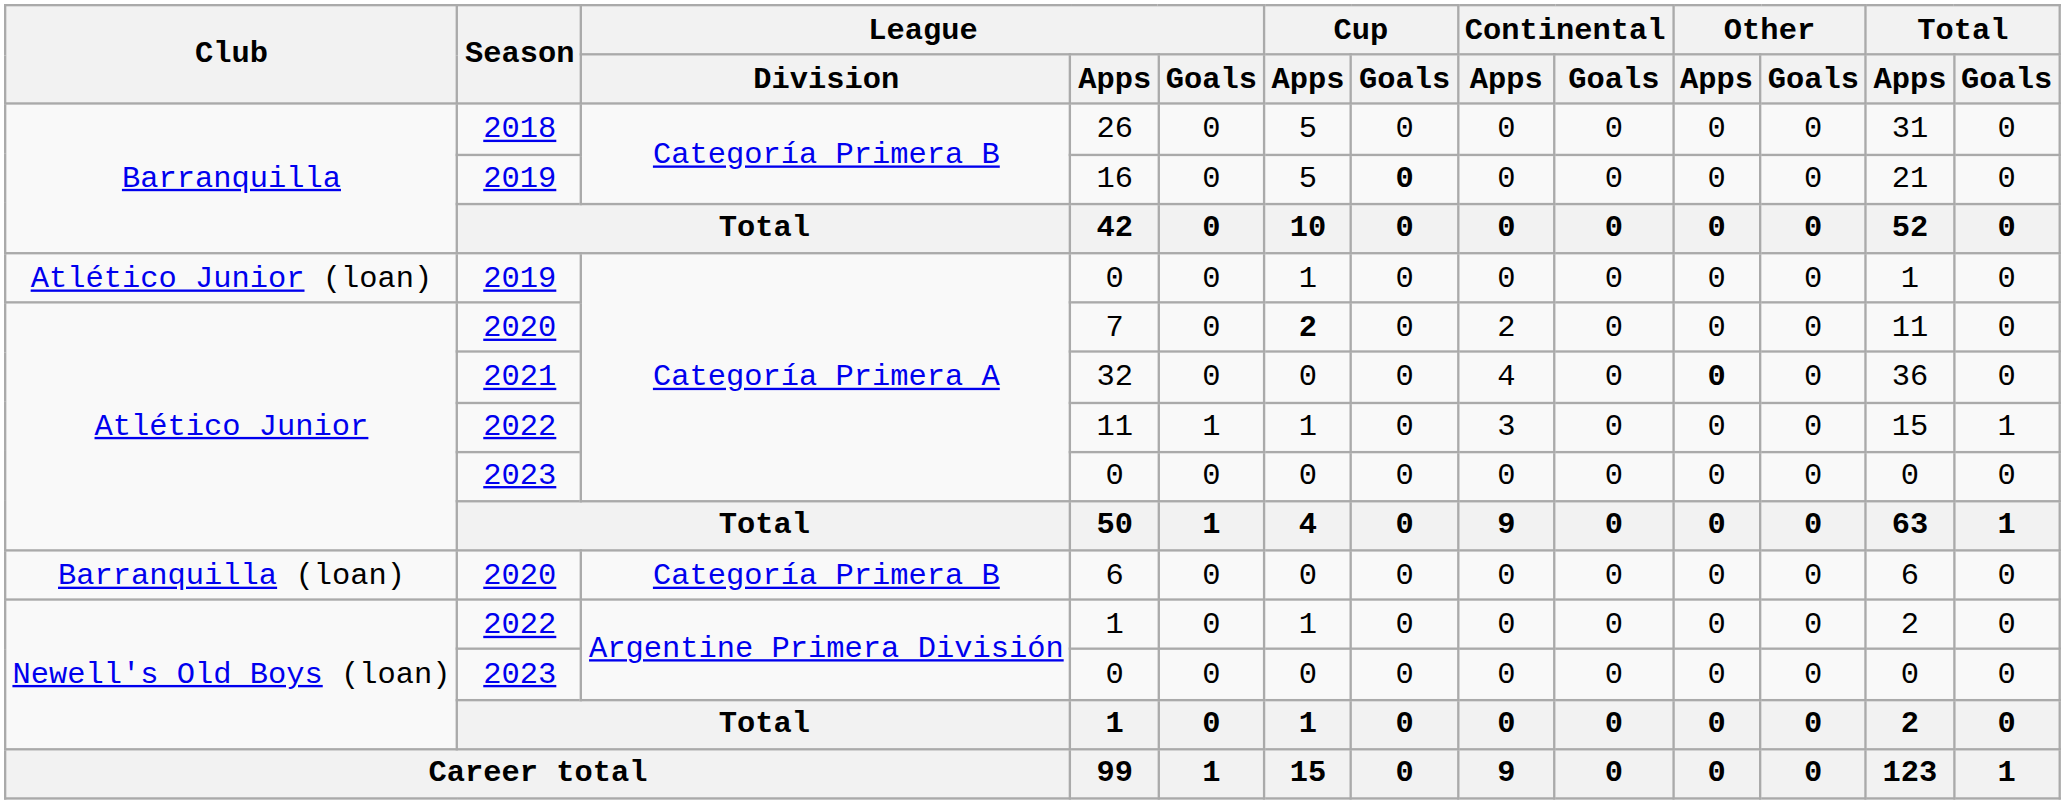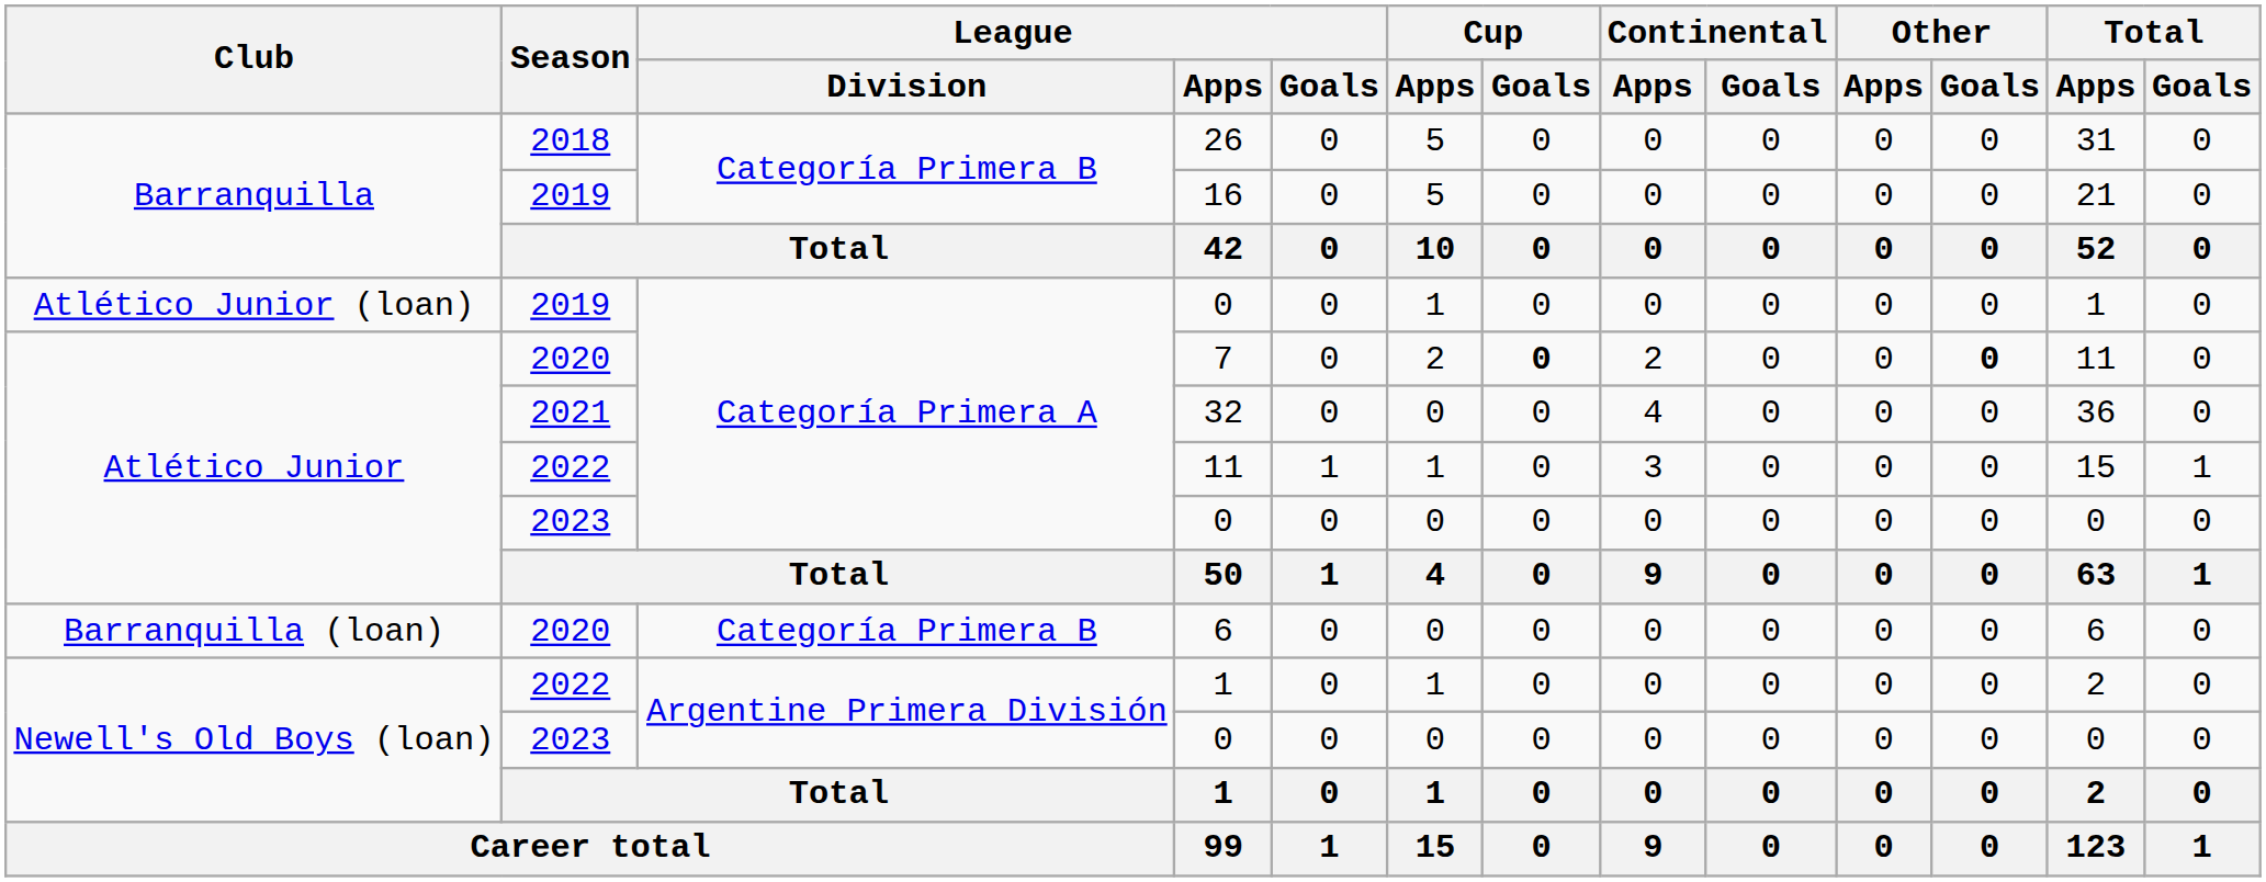 <table class=wikitable style=text-align:center>
 <tr>
 <th rowspan="2">Club</th>
 <th rowspan="2">Season</th>
 <th colspan="3">League</th>
 <th colspan="2">Cup</th>
 <th colspan="2">Continental</th>
 <th colspan="2">Other</th>
 <th colspan="2">Total</th>
 </tr>
 <tr>
 <th>Division</th>
 <th>Apps</th>
 <th>Goals</th>
 <th>Apps</th>
 <th>Goals</th>
 <th>Apps</th>
 <th>Goals</th>
 <th>Apps</th>
 <th>Goals</th>
 <th>Apps</th>
 <th>Goals</th>
 </tr>
 <tr>
 <td rowspan="3"><a href='#'>Barranquilla</a></td>
 <td><a href='#'>2018</a></td>
 <td rowspan="2"><a href='#'>Categoría Primera B</a></td>
 <td>26</td>
 <td>0</td>
 <td>5</td>
 <td>0</td>
 <td>0</td>
 <td>0</td>
 <td>0</td>
 <td>0</td>
 <td>31</td>
 <td>0</td>
 </tr>
 <tr>
 <td><a href='#'>2019</a></td>
 <td>16</td>
 <td>0</td>
 <td>5</td>
-<td><strong>0</strong></td>
+<td>0</td>
 <td>0</td>
 <td>0</td>
 <td>0</td>
 <td>0</td>
 <td>21</td>
 <td>0</td>
 </tr>
 <tr>
 <th colspan="2"><strong>Total</strong></th>
 <th>42</th>
 <th>0</th>
 <th>10</th>
 <th>0</th>
 <th>0</th>
 <th>0</th>
 <th>0</th>
 <th>0</th>
 <th>52</th>
 <th>0</th>
 </tr>
 <tr>
 <td><a href='#'>Atlético Junior</a> (loan)</td>
 <td><a href='#'>2019</a></td>
 <td rowspan="5"><a href='#'>Categoría Primera A</a></td>
 <td>0</td>
 <td>0</td>
 <td>1</td>
 <td>0</td>
 <td>0</td>
 <td>0</td>
 <td>0</td>
 <td>0</td>
 <td>1</td>
 <td>0</td>
 </tr>
 <tr>
 <td rowspan="5"><a href='#'>Atlético Junior</a></td>
 <td><a href='#'>2020</a></td>
 <td>7</td>
 <td>0</td>
-<td><strong>2</strong></td>
-<td>0</td>
+<td>2</td>
+<td><strong>0</strong></td>
 <td>2</td>
 <td>0</td>
 <td>0</td>
-<td>0</td>
+<td><strong>0</strong></td>
 <td>11</td>
 <td>0</td>
 </tr>
 <tr>
 <td><a href='#'>2021</a></td>
 <td>32</td>
 <td>0</td>
 <td>0</td>
 <td>0</td>
 <td>4</td>
 <td>0</td>
-<td><strong>0</strong></td>
+<td>0</td>
 <td>0</td>
 <td>36</td>
 <td>0</td>
 </tr>
 <tr>
 <td><a href='#'>2022</a></td>
 <td>11</td>
 <td>1</td>
 <td>1</td>
 <td>0</td>
 <td>3</td>
 <td>0</td>
 <td>0</td>
 <td>0</td>
 <td>15</td>
 <td>1</td>
 </tr>
 <tr>
 <td><a href='#'>2023</a></td>
 <td>0</td>
 <td>0</td>
 <td>0</td>
 <td>0</td>
 <td>0</td>
 <td>0</td>
 <td>0</td>
 <td>0</td>
 <td>0</td>
 <td>0</td>
 </tr>
 <tr>
 <th colspan="2"><strong>Total</strong></th>
 <th>50</th>
 <th>1</th>
 <th>4</th>
 <th>0</th>
 <th>9</th>
 <th>0</th>
 <th>0</th>
 <th>0</th>
 <th>63</th>
 <th>1</th>
 </tr>
 <tr>
 <td><a href='#'>Barranquilla</a> (loan)</td>
 <td><a href='#'>2020</a></td>
 <td><a href='#'>Categoría Primera B</a></td>
 <td>6</td>
 <td>0</td>
 <td>0</td>
 <td>0</td>
 <td>0</td>
 <td>0</td>
 <td>0</td>
 <td>0</td>
 <td>6</td>
 <td>0</td>
 </tr>
 <tr>
 <td rowspan="3"><a href='#'>Newell's Old Boys</a> (loan)</td>
 <td><a href='#'>2022</a></td>
 <td rowspan="2"><a href='#'>Argentine Primera División</a></td>
 <td>1</td>
 <td>0</td>
 <td>1</td>
 <td>0</td>
 <td>0</td>
 <td>0</td>
 <td>0</td>
 <td>0</td>
 <td>2</td>
 <td>0</td>
 </tr>
 <tr>
 <td><a href='#'>2023</a></td>
 <td>0</td>
 <td>0</td>
 <td>0</td>
 <td>0</td>
 <td>0</td>
 <td>0</td>
 <td>0</td>
 <td>0</td>
 <td>0</td>
 <td>0</td>
 </tr>
 <tr>
 <th colspan="2"><strong>Total</strong></th>
 <th>1</th>
 <th>0</th>
 <th>1</th>
 <th>0</th>
 <th>0</th>
 <th>0</th>
 <th>0</th>
 <th>0</th>
 <th>2</th>
 <th>0</th>
 </tr>
 <tr>
 <th colspan="3"><strong>Career total</strong></th>
 <th>99</th>
 <th>1</th>
 <th>15</th>
 <th>0</th>
 <th>9</th>
 <th>0</th>
 <th>0</th>
 <th>0</th>
 <th>123</th>
 <th>1</th>
 </tr>
 </table>
